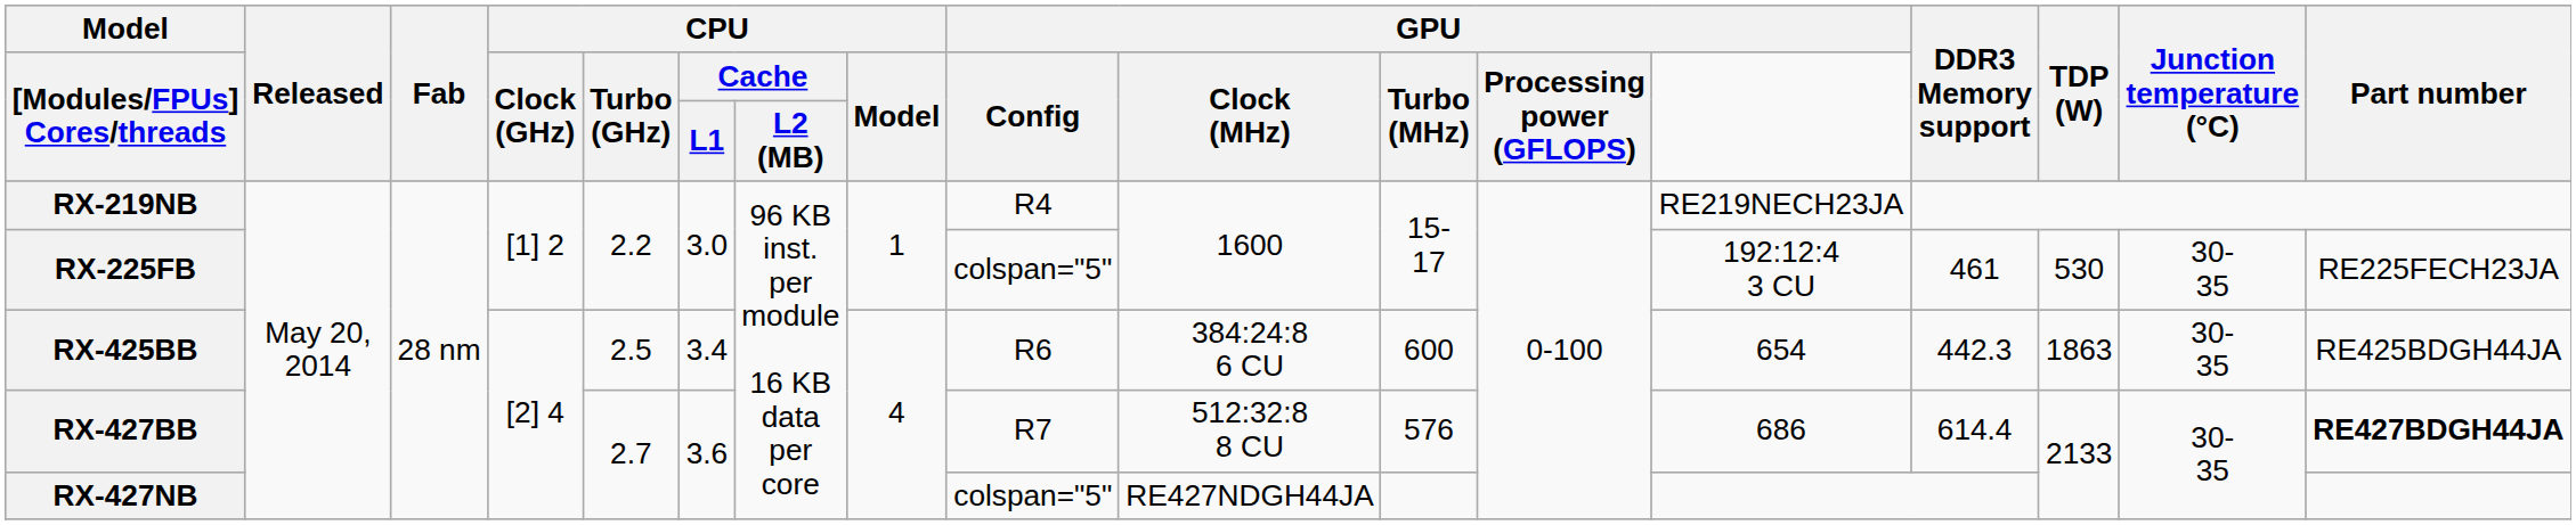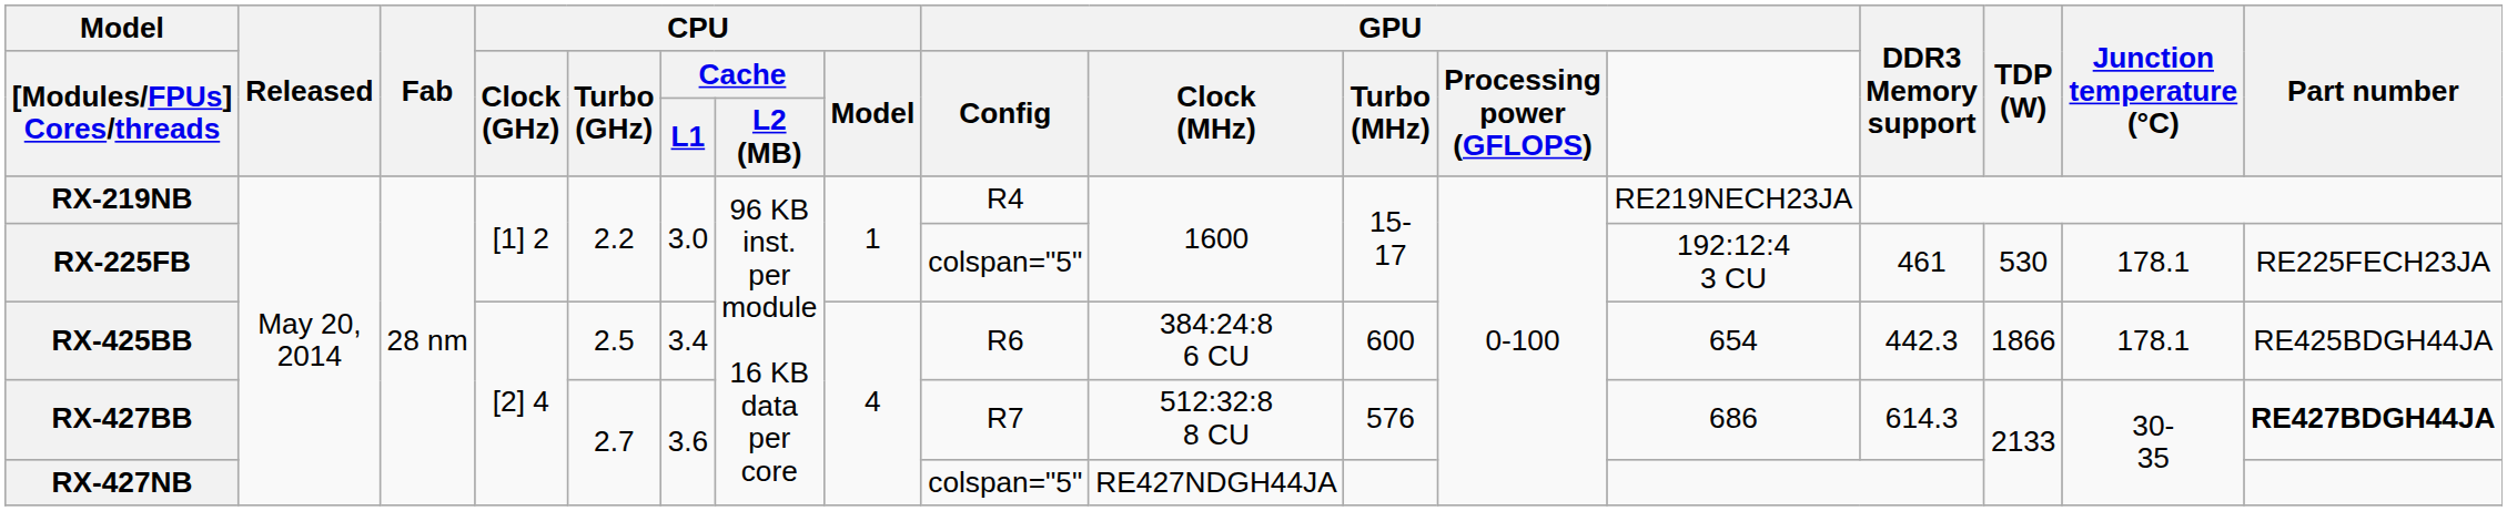 <table class="wikitable sortable sort-under" style="text-align: center">
 <tr>
 <th>Model</th>
 <th rowspan="3">Released</th>
 <th rowspan="3">Fab</th>
 <th colspan="5">CPU</th>
 <th colspan="5">GPU</th>
 <th rowspan="3">DDR3<br>Memory<br>support</th>
 <th rowspan="3">TDP<br>(W)</th>
 <th rowspan="3"><a href='#'>Junction temperature</a> (°C)</th>
 <th rowspan="3">Part number</th>
 </tr>
 <tr>
 <th rowspan="2">[Modules/<a href='#'>FPUs</a>]<br><a href='#'>Cores</a>/<a href='#'>threads</a></th>
 <th rowspan="2">Clock<br>(GHz)</th>
 <th rowspan="2">Turbo<br>(GHz)</th>
 <th colspan="2"><a href='#'>Cache</a></th>
 <th rowspan="2">Model</th>
 <th rowspan="2">Config</th>
 <th rowspan="2">Clock<br>(MHz)</th>
 <th rowspan="2">Turbo<br>(MHz)</th>
 <th rowspan="2">Processing<br>power<br>(<a href='#'>GFLOPS</a>)</th>
 </tr>
 <tr>
 <th><a href='#'>L1</a></th>
 <th><a href='#'>L2</a><br>(MB)</th>
 </tr>
 <tr>
 <th>RX-219NB</th>
 <td rowspan="5">May 20, 2014</td>
 <td rowspan="5">28 nm</td>
 <td rowspan="2">[1] 2</td>
 <td rowspan="2">2.2</td>
 <td rowspan="2">3.0</td>
 <td rowspan="5">96 KB inst.<br>per module<br><br>16 KB data<br>per core</td>
 <td rowspan="2">1</td>
 <td>R4</td>
 <td rowspan="2">1600</td>
 <td rowspan="2">15-<br>17</td>
 <td rowspan="5">0-100</td>
 <td>RE219NECH23JA</td>
 </tr>
 <tr>
 <th>RX-225FB</th>
 <td>colspan="5" </td>
 <td>192:12:4<br>3 CU</td>
 <td>461</td>
 <td>530</td>
-<td>30-<br>35</td>
+<td>178.1</td>
 <td>RE225FECH23JA</td>
 </tr>
 <tr>
 <th>RX-425BB</th>
 <td rowspan="3">[2] 4</td>
 <td>2.5</td>
 <td>3.4</td>
 <td rowspan="3">4</td>
 <td>R6</td>
 <td>384:24:8<br>6 CU</td>
 <td>600</td>
 <td>654</td>
 <td>442.3</td>
-<td>1863</td>
-<td>30-<br>35</td>
+<td>1866</td>
+<td>178.1</td>
 <td>RE425BDGH44JA</td>
 </tr>
 <tr>
 <th>RX-427BB</th>
 <td rowspan="2">2.7</td>
 <td rowspan="2">3.6</td>
 <td>R7</td>
 <td>512:32:8<br>8 CU</td>
 <td>576</td>
 <td>686</td>
-<td>614.4</td>
+<td>614.3</td>
 <td rowspan="2">2133</td>
 <td rowspan="2">30-<br>35</td>
 <td><strong>RE427BDGH44JA</strong></td>
 </tr>
 <tr>
 <th>RX-427NB</th>
 <td>colspan="5" </td>
 <td>RE427NDGH44JA</td>
 </tr>
 </table>
